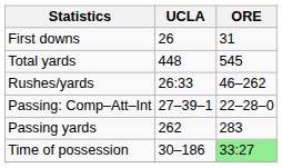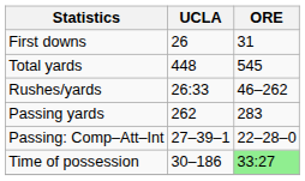 <table class="wikitable" style="float: left;">
 <tr>
 <th>Statistics</th>
 <th>UCLA</th>
 <th>ORE</th>
 </tr>
 <tr>
 <td>First downs</td>
 <td>26</td>
 <td>31</td>
 </tr>
 <tr>
 <td>Total yards</td>
 <td>448</td>
 <td>545</td>
 </tr>
 <tr>
 <td>Rushes/yards</td>
 <td>26:33</td>
 <td>46–262</td>
 </tr>
 <tr>
+<td>Passing yards</td>
+<td>262</td>
+<td>283</td>
+</tr>
+<tr>
 <td>Passing: Comp–Att–Int</td>
 <td>27–39–1</td>
 <td>22–28–0</td>
-</tr>
-<tr>
-<td>Passing yards</td>
-<td>262</td>
-<td>283</td>
 </tr>
 <tr>
 <td>Time of possession</td>
 <td>30–186</td>
 <td style="background: lightgreen;">33:27</td>
 </tr>
 <tr>
 </tr>
 </table>
